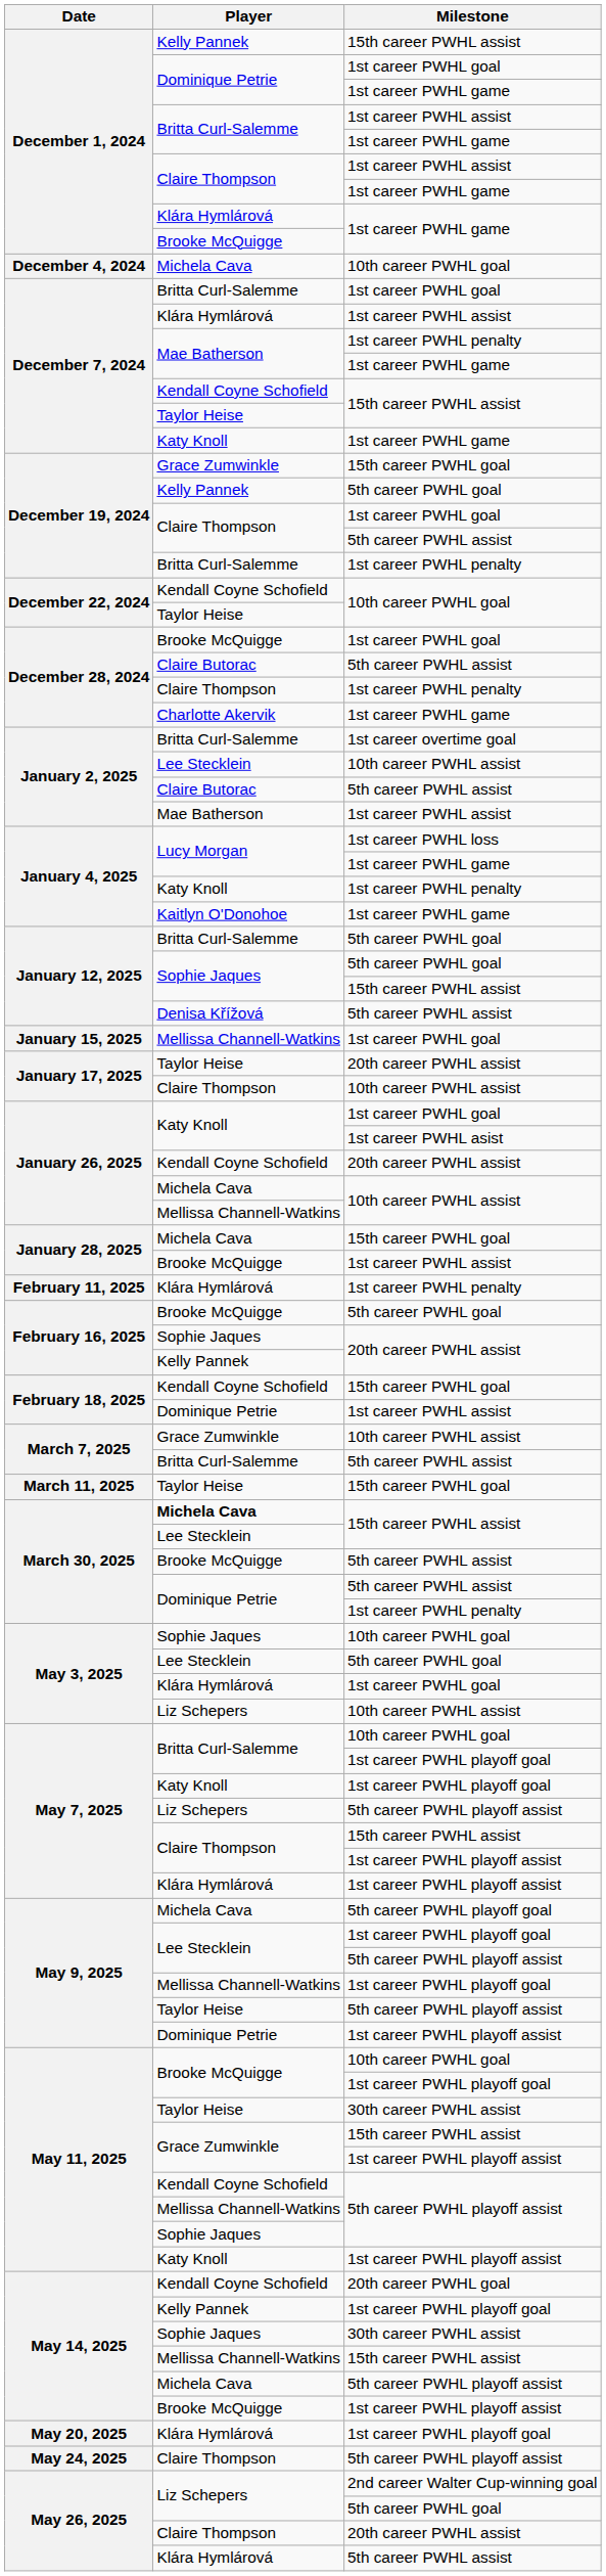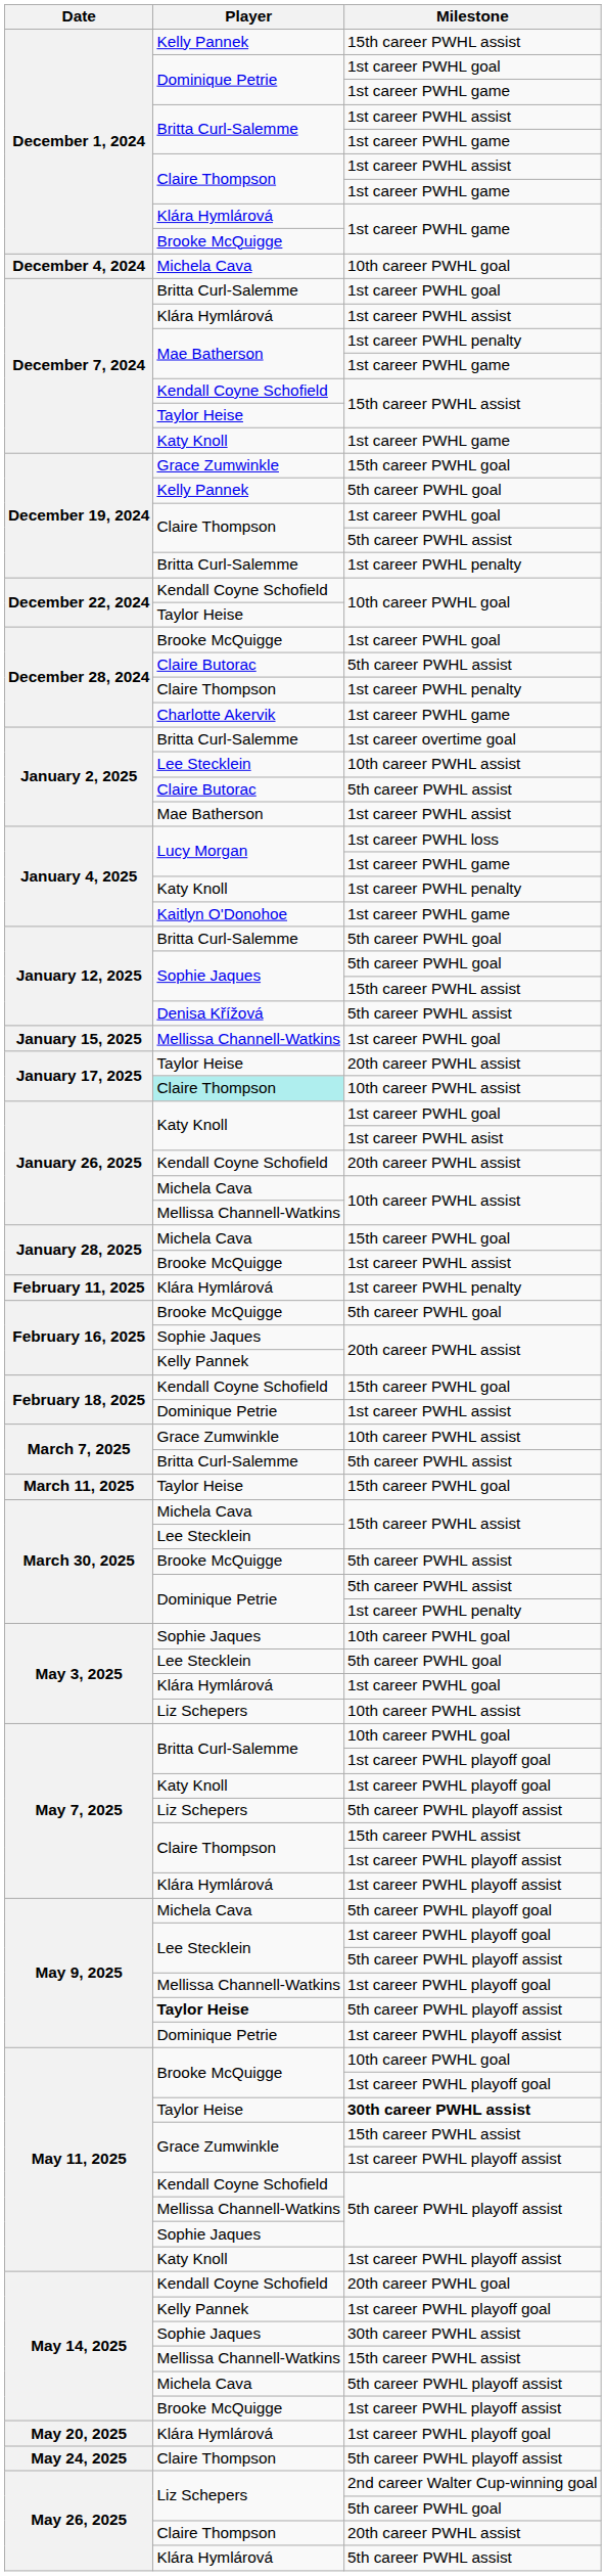 <table class="wikitable">
 <tr>
 <th scope="col">Date</th>
 <th scope="col">Player</th>
 <th scope="col">Milestone</th>
 </tr>
 <tr>
 <th scope="rowgroup" rowspan="9">December 1, 2024</th>
 <td><a href='#'>Kelly Pannek</a></td>
 <td>15th career PWHL assist</td>
 </tr>
 <tr>
 <td rowspan="2"><a href='#'>Dominique Petrie</a></td>
 <td>1st career PWHL goal</td>
 </tr>
 <tr>
 <td>1st career PWHL game</td>
 </tr>
 <tr>
 <td rowspan="2"><a href='#'>Britta Curl-Salemme</a></td>
 <td>1st career PWHL assist</td>
 </tr>
 <tr>
 <td>1st career PWHL game</td>
 </tr>
 <tr>
 <td rowspan="2"><a href='#'>Claire Thompson</a></td>
 <td>1st career PWHL assist</td>
 </tr>
 <tr>
 <td>1st career PWHL game</td>
 </tr>
 <tr>
 <td><a href='#'>Klára Hymlárová</a></td>
 <td rowspan="2">1st career PWHL game</td>
 </tr>
 <tr>
 <td><a href='#'>Brooke McQuigge</a></td>
 </tr>
 <tr>
 <th scope="rowgroup" rowspan="1">December 4, 2024</th>
 <td><a href='#'>Michela Cava</a></td>
 <td>10th career PWHL goal</td>
 </tr>
 <tr>
 <th scope="rowgroup" rowspan="7">December 7, 2024</th>
 <td>Britta Curl-Salemme</td>
 <td>1st career PWHL goal</td>
 </tr>
 <tr>
 <td>Klára Hymlárová</td>
 <td>1st career PWHL assist</td>
 </tr>
 <tr>
 <td rowspan="2"><a href='#'>Mae Batherson</a></td>
 <td>1st career PWHL penalty</td>
 </tr>
 <tr>
 <td>1st career PWHL game</td>
 </tr>
 <tr>
 <td><a href='#'>Kendall Coyne Schofield</a></td>
 <td rowspan="2">15th career PWHL assist</td>
 </tr>
 <tr>
 <td><a href='#'>Taylor Heise</a></td>
 </tr>
 <tr>
 <td><a href='#'>Katy Knoll</a></td>
 <td>1st career PWHL game</td>
 </tr>
 <tr>
 <th scope="rowgroup" rowspan="5">December 19, 2024</th>
 <td><a href='#'>Grace Zumwinkle</a></td>
 <td>15th career PWHL goal</td>
 </tr>
 <tr>
 <td><a href='#'>Kelly Pannek</a></td>
 <td>5th career PWHL goal</td>
 </tr>
 <tr>
 <td rowspan="2">Claire Thompson</td>
 <td>1st career PWHL goal</td>
 </tr>
 <tr>
 <td>5th career PWHL assist</td>
 </tr>
 <tr>
 <td>Britta Curl-Salemme</td>
 <td>1st career PWHL penalty</td>
 </tr>
 <tr>
 <th scope="rowgroup" rowspan="2">December 22, 2024</th>
 <td>Kendall Coyne Schofield</td>
 <td rowspan="2">10th career PWHL goal</td>
 </tr>
 <tr>
 <td>Taylor Heise</td>
 </tr>
 <tr>
 <th scope="rowgroup" rowspan="4">December 28, 2024</th>
 <td>Brooke McQuigge</td>
 <td>1st career PWHL goal</td>
 </tr>
 <tr>
 <td><a href='#'>Claire Butorac</a></td>
 <td>5th career PWHL assist</td>
 </tr>
 <tr>
 <td>Claire Thompson</td>
 <td>1st career PWHL penalty</td>
 </tr>
 <tr>
 <td><a href='#'>Charlotte Akervik</a></td>
 <td>1st career PWHL game</td>
 </tr>
 <tr>
 <th scope="rowgroup" rowspan="4">January 2, 2025</th>
 <td>Britta Curl-Salemme</td>
 <td>1st career overtime goal</td>
 </tr>
 <tr>
 <td><a href='#'>Lee Stecklein</a></td>
 <td>10th career PWHL assist</td>
 </tr>
 <tr>
 <td><a href='#'>Claire Butorac</a></td>
 <td>5th career PWHL assist</td>
 </tr>
 <tr>
 <td>Mae Batherson</td>
 <td>1st career PWHL assist</td>
 </tr>
 <tr>
 <th scope="rowgroup" rowspan="4">January 4, 2025</th>
 <td rowspan="2"><a href='#'>Lucy Morgan</a></td>
 <td>1st career PWHL loss</td>
 </tr>
 <tr>
 <td>1st career PWHL game</td>
 </tr>
 <tr>
 <td>Katy Knoll</td>
 <td>1st career PWHL penalty</td>
 </tr>
 <tr>
 <td><a href='#'>Kaitlyn O'Donohoe</a></td>
 <td>1st career PWHL game</td>
 </tr>
 <tr>
 <th scope="rowgroup" rowspan="4">January 12, 2025</th>
 <td>Britta Curl-Salemme</td>
 <td>5th career PWHL goal</td>
 </tr>
 <tr>
 <td rowspan="2"><a href='#'>Sophie Jaques</a></td>
 <td>5th career PWHL goal</td>
 </tr>
 <tr>
 <td>15th career PWHL assist</td>
 </tr>
 <tr>
 <td><a href='#'>Denisa Křížová</a></td>
 <td>5th career PWHL assist</td>
 </tr>
 <tr>
 <th scope="rowgroup" rowspan="1">January 15, 2025</th>
 <td><a href='#'>Mellissa Channell-Watkins</a></td>
 <td>1st career PWHL goal</td>
 </tr>
 <tr>
 <th scope="rowgroup" rowspan="2">January 17, 2025</th>
 <td>Taylor Heise</td>
 <td>20th career PWHL assist</td>
 </tr>
 <tr>
-<td>Claire Thompson</td>
+<td style="background: paleturquoise;">Claire Thompson</td>
 <td>10th career PWHL assist</td>
 </tr>
 <tr>
 <th scope="rowgroup" rowspan="5">January 26, 2025</th>
 <td rowspan="2">Katy Knoll</td>
 <td>1st career PWHL goal</td>
 </tr>
 <tr>
 <td>1st career PWHL asist</td>
 </tr>
 <tr>
 <td>Kendall Coyne Schofield</td>
 <td>20th career PWHL assist</td>
 </tr>
 <tr>
 <td>Michela Cava</td>
 <td rowspan="2">10th career PWHL assist</td>
 </tr>
 <tr>
 <td>Mellissa Channell-Watkins</td>
 </tr>
 <tr>
 <th scope="rowgroup" rowspan="2">January 28, 2025</th>
 <td>Michela Cava</td>
 <td>15th career PWHL goal</td>
 </tr>
 <tr>
 <td>Brooke McQuigge</td>
 <td>1st career PWHL assist</td>
 </tr>
 <tr>
 <th scope="rowgroup" rowspan="1">February 11, 2025</th>
 <td>Klára Hymlárová</td>
 <td>1st career PWHL penalty</td>
 </tr>
 <tr>
 <th scope="rowgroup" rowspan="3">February 16, 2025</th>
 <td>Brooke McQuigge</td>
 <td>5th career PWHL goal</td>
 </tr>
 <tr>
 <td>Sophie Jaques</td>
 <td rowspan="2">20th career PWHL assist</td>
 </tr>
 <tr>
 <td>Kelly Pannek</td>
 </tr>
 <tr>
 <th scope="rowgroup" rowspan="2">February 18, 2025</th>
 <td>Kendall Coyne Schofield</td>
 <td>15th career PWHL goal</td>
 </tr>
 <tr>
 <td>Dominique Petrie</td>
 <td>1st career PWHL assist</td>
 </tr>
 <tr>
 <th scope="rowgroup" rowspan="2">March 7, 2025</th>
 <td>Grace Zumwinkle</td>
 <td>10th career PWHL assist</td>
 </tr>
 <tr>
 <td>Britta Curl-Salemme</td>
 <td>5th career PWHL assist</td>
 </tr>
 <tr>
 <th scope="rowgroup" rowspan="1">March 11, 2025</th>
 <td>Taylor Heise</td>
 <td>15th career PWHL goal</td>
 </tr>
 <tr>
 <th scope="rowgroup" rowspan="5">March 30, 2025</th>
-<td><strong>Michela Cava</strong></td>
+<td>Michela Cava</td>
 <td rowspan="2">15th career PWHL assist</td>
 </tr>
 <tr>
 <td>Lee Stecklein</td>
 </tr>
 <tr>
 <td>Brooke McQuigge</td>
 <td>5th career PWHL assist</td>
 </tr>
 <tr>
 <td rowspan="2">Dominique Petrie</td>
 <td>5th career PWHL assist</td>
 </tr>
 <tr>
 <td>1st career PWHL penalty</td>
 </tr>
 <tr>
 <th scope="rowgroup" rowspan="4">May 3, 2025</th>
 <td>Sophie Jaques</td>
 <td>10th career PWHL goal</td>
 </tr>
 <tr>
 <td>Lee Stecklein</td>
 <td>5th career PWHL goal</td>
 </tr>
 <tr>
 <td>Klára Hymlárová</td>
 <td>1st career PWHL goal</td>
 </tr>
 <tr>
 <td>Liz Schepers</td>
 <td>10th career PWHL assist</td>
 </tr>
 <tr>
 <th scope="rowgroup" rowspan="7">May 7, 2025</th>
 <td rowspan="2">Britta Curl-Salemme</td>
 <td>10th career PWHL goal</td>
 </tr>
 <tr>
 <td>1st career PWHL playoff goal</td>
 </tr>
 <tr>
 <td>Katy Knoll</td>
 <td>1st career PWHL playoff goal</td>
 </tr>
 <tr>
 <td>Liz Schepers</td>
 <td>5th career PWHL playoff assist</td>
 </tr>
 <tr>
 <td rowspan="2">Claire Thompson</td>
 <td>15th career PWHL assist</td>
 </tr>
 <tr>
 <td>1st career PWHL playoff assist</td>
 </tr>
 <tr>
 <td>Klára Hymlárová</td>
 <td>1st career PWHL playoff assist</td>
 </tr>
 <tr>
 <th scope="rowgroup" rowspan="6">May 9, 2025</th>
 <td>Michela Cava</td>
 <td>5th career PWHL playoff goal</td>
 </tr>
 <tr>
 <td rowspan="2">Lee Stecklein</td>
 <td>1st career PWHL playoff goal</td>
 </tr>
 <tr>
 <td>5th career PWHL playoff assist</td>
 </tr>
 <tr>
 <td>Mellissa Channell-Watkins</td>
 <td>1st career PWHL playoff goal</td>
 </tr>
 <tr>
-<td>Taylor Heise</td>
+<td><strong>Taylor Heise</strong></td>
 <td>5th career PWHL playoff assist</td>
 </tr>
 <tr>
 <td>Dominique Petrie</td>
 <td>1st career PWHL playoff assist</td>
 </tr>
 <tr>
 <th scope="rowgroup" rowspan="9">May 11, 2025</th>
 <td rowspan="2">Brooke McQuigge</td>
 <td>10th career PWHL goal</td>
 </tr>
 <tr>
 <td>1st career PWHL playoff goal</td>
 </tr>
 <tr>
 <td>Taylor Heise</td>
-<td>30th career PWHL assist</td>
+<td><strong>30th career PWHL assist</strong></td>
 </tr>
 <tr>
 <td rowspan="2">Grace Zumwinkle</td>
 <td>15th career PWHL assist</td>
 </tr>
 <tr>
 <td>1st career PWHL playoff assist</td>
 </tr>
 <tr>
 <td>Kendall Coyne Schofield</td>
 <td rowspan="3">5th career PWHL playoff assist</td>
 </tr>
 <tr>
 <td>Mellissa Channell-Watkins</td>
 </tr>
 <tr>
 <td>Sophie Jaques</td>
 </tr>
 <tr>
 <td>Katy Knoll</td>
 <td>1st career PWHL playoff assist</td>
 </tr>
 <tr>
 <th scope="rowgroup" rowspan="6">May 14, 2025</th>
 <td>Kendall Coyne Schofield</td>
 <td>20th career PWHL goal</td>
 </tr>
 <tr>
 <td>Kelly Pannek</td>
 <td>1st career PWHL playoff goal</td>
 </tr>
 <tr>
 <td>Sophie Jaques</td>
 <td>30th career PWHL assist</td>
 </tr>
 <tr>
 <td>Mellissa Channell-Watkins</td>
 <td>15th career PWHL assist</td>
 </tr>
 <tr>
 <td>Michela Cava</td>
 <td>5th career PWHL playoff assist</td>
 </tr>
 <tr>
 <td>Brooke McQuigge</td>
 <td>1st career PWHL playoff assist</td>
 </tr>
 <tr>
 <th scope="rowgroup" rowspan="1">May 20, 2025</th>
 <td>Klára Hymlárová</td>
 <td>1st career PWHL playoff goal</td>
 </tr>
 <tr>
 <th scope="rowgroup" rowspan="1">May 24, 2025</th>
 <td>Claire Thompson</td>
 <td>5th career PWHL playoff assist</td>
 </tr>
 <tr>
 <th scope="rowgroup" rowspan="4">May 26, 2025</th>
 <td rowspan="2">Liz Schepers</td>
 <td>2nd career Walter Cup-winning goal</td>
 </tr>
 <tr>
 <td>5th career PWHL goal</td>
 </tr>
 <tr>
 <td>Claire Thompson</td>
 <td>20th career PWHL assist</td>
 </tr>
 <tr>
 <td>Klára Hymlárová</td>
 <td>5th career PWHL assist</td>
 </tr>
 </table>
